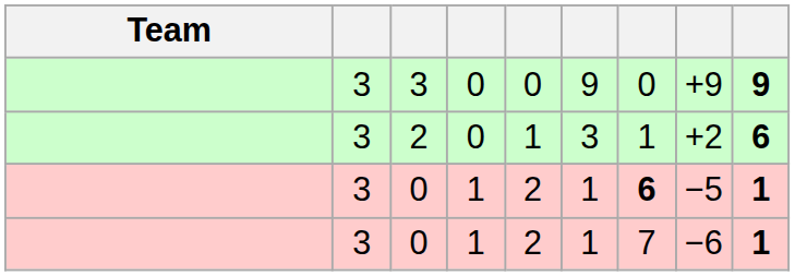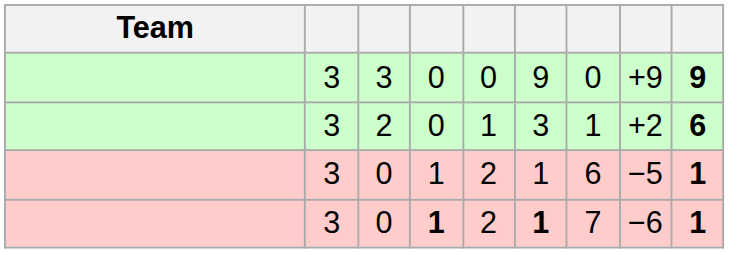 <table class="wikitable" style="text-align:center;">
 <tr>
 <th width=150>Team</th>
 <th width=20 abbr="Played"></th>
 <th width=20 abbr="Won"></th>
 <th width=20 abbr="Drawn"></th>
 <th width=20 abbr="Lost"></th>
 <th width=20 abbr="Goals for"></th>
 <th width=20 abbr="Goals against"></th>
 <th width=20 abbr="Goal difference"></th>
 <th width=20 abbr="Points"></th>
 </tr>
 <tr bgcolor="#ccffcc">
 <td align="left"></td>
 <td>3</td>
 <td>3</td>
 <td>0</td>
 <td>0</td>
 <td>9</td>
 <td>0</td>
 <td>+9</td>
 <td><strong>9</strong></td>
 </tr>
 <tr bgcolor="#ccffcc">
 <td align="left"></td>
 <td>3</td>
 <td>2</td>
 <td>0</td>
 <td>1</td>
 <td>3</td>
 <td>1</td>
 <td>+2</td>
 <td><strong>6</strong></td>
 </tr>
 <tr bgcolor="#ffcccc">
 <td align="left"></td>
 <td>3</td>
 <td>0</td>
 <td>1</td>
 <td>2</td>
 <td>1</td>
-<td><strong>6</strong></td>
+<td>6</td>
 <td>−5</td>
 <td><strong>1</strong></td>
 </tr>
 <tr bgcolor="#ffcccc">
 <td align="left"></td>
 <td>3</td>
 <td>0</td>
-<td>1</td>
+<td><strong>1</strong></td>
 <td>2</td>
-<td>1</td>
+<td><strong>1</strong></td>
 <td>7</td>
 <td>−6</td>
 <td><strong>1</strong></td>
 </tr>
 </table>
